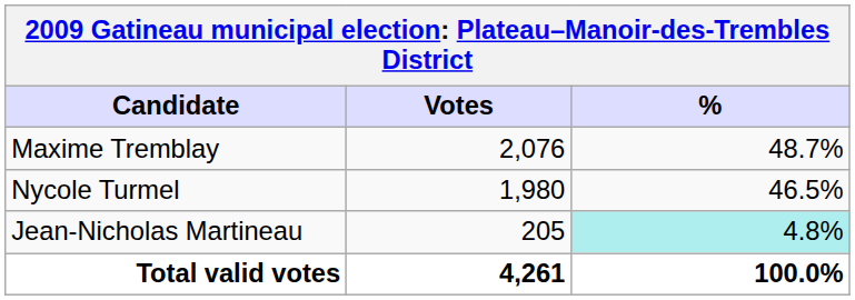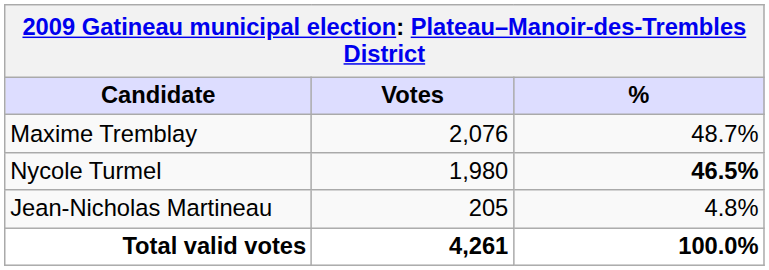 <table class="wikitable">
 <tr>
 <th colspan="3"  style="width:500px; padding:6px;"><a href='#'>2009 Gatineau municipal election</a>: <a href='#'>Plateau–Manoir-des-Trembles District</a></th>
 </tr>
 <tr>
 <th style="background:#ddf; width:200px;">Candidate</th>
 <th style="background:#ddf;">Votes</th>
 <th style="background:#ddf;">%</th>
 </tr>
 <tr>
 <td>Maxime Tremblay</td>
 <td style="text-align:right;">2,076</td>
 <td style="text-align:right;">48.7%</td>
 </tr>
 <tr>
 <td>Nycole Turmel</td>
 <td style="text-align:right;">1,980</td>
-<td style="text-align:right;">46.5%</td>
+<td style="text-align:right;"><strong>46.5%</strong></td>
 </tr>
 <tr>
 <td>Jean-Nicholas Martineau</td>
 <td style="text-align:right;">205</td>
-<td style="background: paleturquoise; text-align:right;">4.8%</td>
+<td style="text-align:right;">4.8%</td>
 </tr>
 <tr style="text-align:right; background:white; font-weight:bold;">
 <td>Total valid votes</td>
 <td>4,261</td>
 <td>100.0%</td>
 </tr>
 </table>
